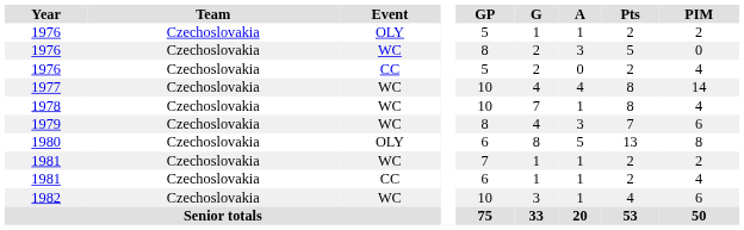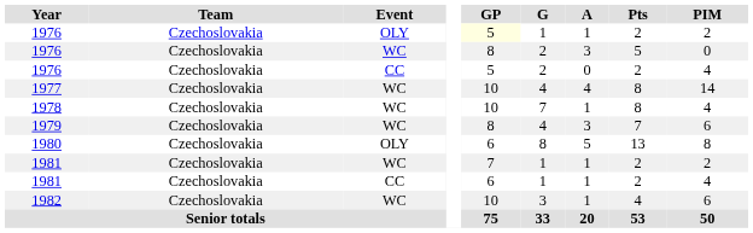 <table border="0" cellpadding="1" cellspacing="0" style="text-align:center; width:50em">
 <tr ALIGN="center" bgcolor="#e0e0e0">
 <th>Year</th>
 <th>Team</th>
 <th>Event</th>
 <th rowspan="99" bgcolor="#ffffff"> </th>
 <th>GP</th>
 <th>G</th>
 <th>A</th>
 <th>Pts</th>
 <th>PIM</th>
 </tr>
 <tr>
 <td><a href='#'>1976</a></td>
 <td><a href='#'>Czechoslovakia</a></td>
 <td><a href='#'>OLY</a></td>
-<td>5</td>
+<td style="background: lightyellow;">5</td>
 <td>1</td>
 <td>1</td>
 <td>2</td>
 <td>2</td>
 </tr>
 <tr bgcolor="#f0f0f0">
 <td><a href='#'>1976</a></td>
 <td>Czechoslovakia</td>
 <td><a href='#'>WC</a></td>
 <td>8</td>
 <td>2</td>
 <td>3</td>
 <td>5</td>
 <td>0</td>
 </tr>
 <tr>
 <td><a href='#'>1976</a></td>
 <td>Czechoslovakia</td>
 <td><a href='#'>CC</a></td>
 <td>5</td>
 <td>2</td>
 <td>0</td>
 <td>2</td>
 <td>4</td>
 </tr>
 <tr bgcolor="#f0f0f0">
 <td><a href='#'>1977</a></td>
 <td>Czechoslovakia</td>
 <td>WC</td>
 <td>10</td>
 <td>4</td>
 <td>4</td>
 <td>8</td>
 <td>14</td>
 </tr>
 <tr>
 <td><a href='#'>1978</a></td>
 <td>Czechoslovakia</td>
 <td>WC</td>
 <td>10</td>
 <td>7</td>
 <td>1</td>
 <td>8</td>
 <td>4</td>
 </tr>
 <tr bgcolor="#f0f0f0">
 <td><a href='#'>1979</a></td>
 <td>Czechoslovakia</td>
 <td>WC</td>
 <td>8</td>
 <td>4</td>
 <td>3</td>
 <td>7</td>
 <td>6</td>
 </tr>
 <tr>
 <td><a href='#'>1980</a></td>
 <td>Czechoslovakia</td>
 <td>OLY</td>
 <td>6</td>
 <td>8</td>
 <td>5</td>
 <td>13</td>
 <td>8</td>
 </tr>
 <tr bgcolor="#f0f0f0">
 <td><a href='#'>1981</a></td>
 <td>Czechoslovakia</td>
 <td>WC</td>
 <td>7</td>
 <td>1</td>
 <td>1</td>
 <td>2</td>
 <td>2</td>
 </tr>
 <tr>
 <td><a href='#'>1981</a></td>
 <td>Czechoslovakia</td>
 <td>CC</td>
 <td>6</td>
 <td>1</td>
 <td>1</td>
 <td>2</td>
 <td>4</td>
 </tr>
 <tr bgcolor="#f0f0f0">
 <td><a href='#'>1982</a></td>
 <td>Czechoslovakia</td>
 <td>WC</td>
 <td>10</td>
 <td>3</td>
 <td>1</td>
 <td>4</td>
 <td>6</td>
 </tr>
 <tr bgcolor="#e0e0e0">
 <th colspan=3>Senior totals</th>
 <th>75</th>
 <th>33</th>
 <th>20</th>
 <th>53</th>
 <th>50</th>
 </tr>
 </table>
